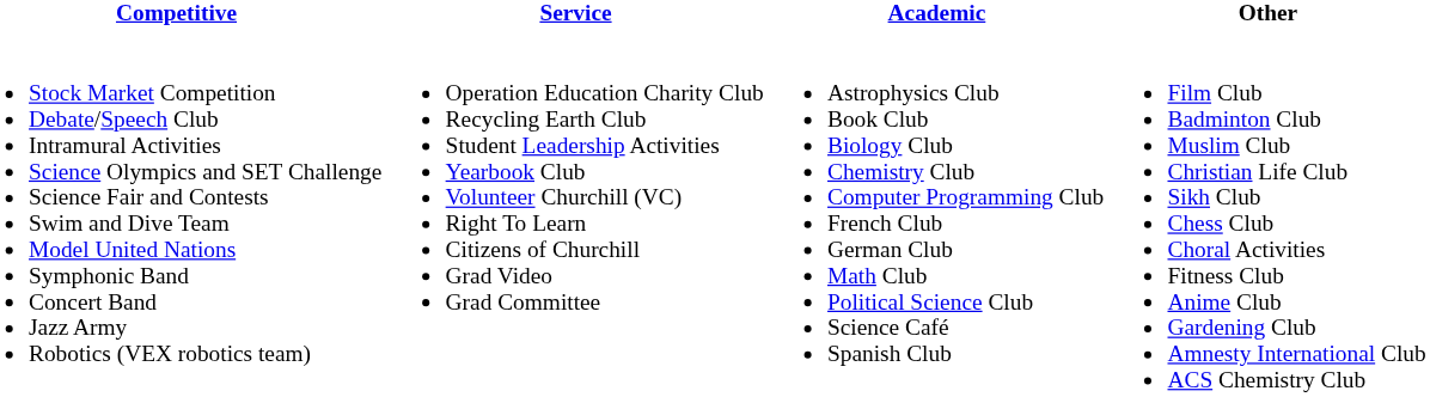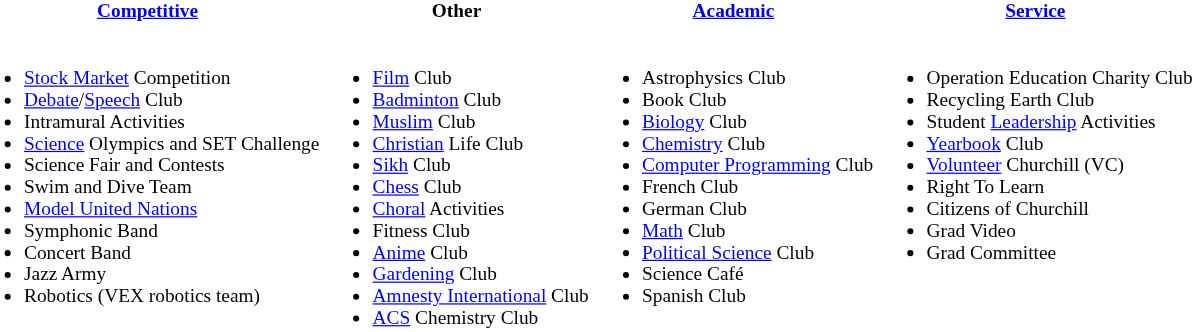 <table>
 <tr>
 <th><a href='#'>Competitive</a></th>
+<th>Other</th>
+<th><a href='#'>Academic</a></th>
 <th><a href='#'>Service</a></th>
-<th><a href='#'>Academic</a></th>
-<th>Other</th>
 </tr>
 <tr style="vertical-align:top;">
 <td><br><ul><li><a href='#'>Stock Market</a> Competition</li><li><a href='#'>Debate</a>/<a href='#'>Speech</a> Club</li><li>Intramural Activities</li><li><a href='#'>Science</a> Olympics and SET Challenge</li><li>Science Fair and Contests</li><li>Swim and Dive Team</li><li><a href='#'>Model United Nations</a></li><li>Symphonic Band</li><li>Concert Band</li><li>Jazz Army</li><li>Robotics (VEX robotics team)</li></ul></td>
+<td><br><ul><li><a href='#'>Film</a> Club</li><li><a href='#'>Badminton</a> Club</li><li><a href='#'>Muslim</a> Club</li><li><a href='#'>Christian</a> Life Club</li><li><a href='#'>Sikh</a> Club</li><li><a href='#'>Chess</a> Club</li><li><a href='#'>Choral</a> Activities</li><li>Fitness Club</li><li><a href='#'>Anime</a> Club</li><li><a href='#'>Gardening</a> Club</li><li><a href='#'>Amnesty International</a> Club</li><li><a href='#'>ACS</a> Chemistry Club</li></ul></td>
+<td><br><ul><li>Astrophysics Club</li><li>Book Club</li><li><a href='#'>Biology</a> Club</li><li><a href='#'>Chemistry</a> Club</li><li><a href='#'>Computer Programming</a> Club</li><li>French Club</li><li>German Club</li><li><a href='#'>Math</a> Club</li><li><a href='#'>Political Science</a> Club</li><li>Science Café</li><li>Spanish Club</li></ul></td>
 <td><br><ul><li>Operation Education Charity Club</li><li>Recycling Earth Club</li><li>Student <a href='#'>Leadership</a> Activities</li><li><a href='#'>Yearbook</a> Club</li><li><a href='#'>Volunteer</a> Churchill (VC)</li><li>Right To Learn</li><li>Citizens of Churchill</li><li>Grad Video</li><li>Grad Committee</li></ul></td>
-<td><br><ul><li>Astrophysics Club</li><li>Book Club</li><li><a href='#'>Biology</a> Club</li><li><a href='#'>Chemistry</a> Club</li><li><a href='#'>Computer Programming</a> Club</li><li>French Club</li><li>German Club</li><li><a href='#'>Math</a> Club</li><li><a href='#'>Political Science</a> Club</li><li>Science Café</li><li>Spanish Club</li></ul></td>
-<td><br><ul><li><a href='#'>Film</a> Club</li><li><a href='#'>Badminton</a> Club</li><li><a href='#'>Muslim</a> Club</li><li><a href='#'>Christian</a> Life Club</li><li><a href='#'>Sikh</a> Club</li><li><a href='#'>Chess</a> Club</li><li><a href='#'>Choral</a> Activities</li><li>Fitness Club</li><li><a href='#'>Anime</a> Club</li><li><a href='#'>Gardening</a> Club</li><li><a href='#'>Amnesty International</a> Club</li><li><a href='#'>ACS</a> Chemistry Club</li></ul></td>
 </tr>
 </table>
